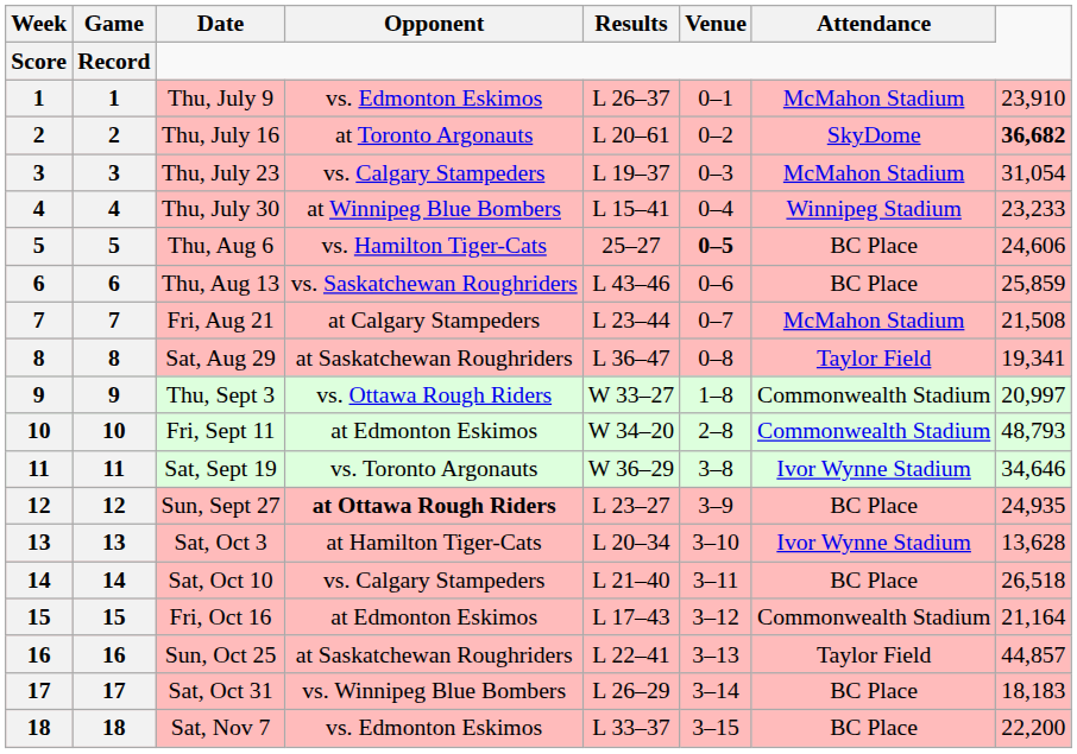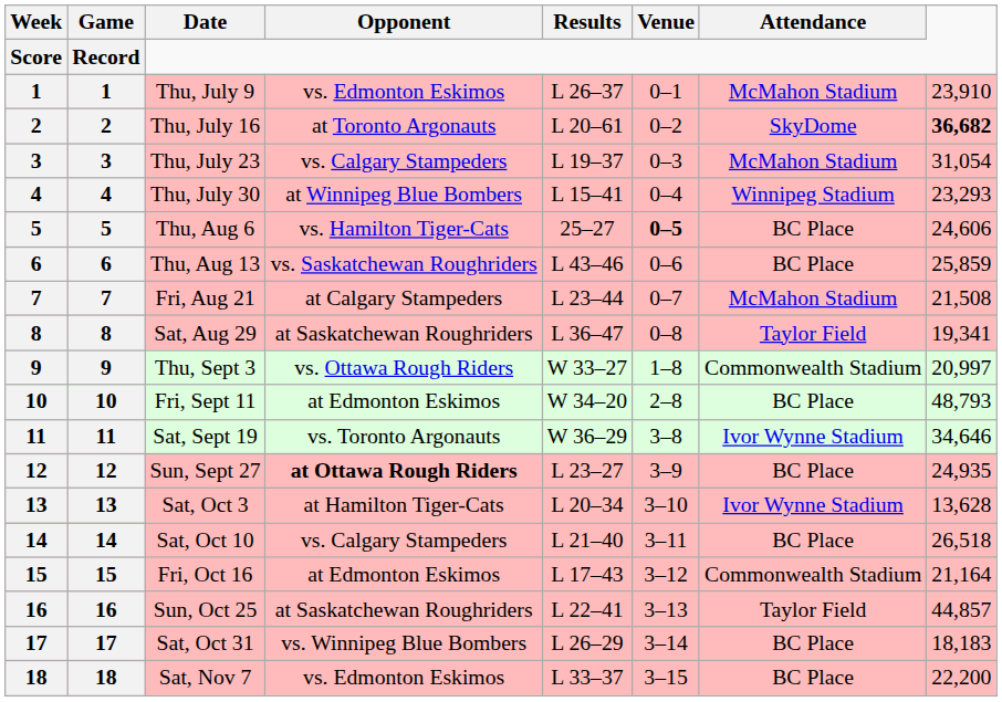 <table class="wikitable" style="text-align:center">
 <tr>
 <th>Week</th>
 <th>Game</th>
 <th>Date</th>
 <th>Opponent</th>
 <th>Results</th>
 <th>Venue</th>
 <th>Attendance</th>
 </tr>
 <tr>
 <th>Score</th>
 <th>Record</th>
 </tr>
 <tr style="background:#ffbbbb">
 <th>1</th>
 <th>1</th>
 <td>Thu, July 9</td>
 <td>vs. <a href='#'>Edmonton Eskimos</a></td>
 <td>L 26–37</td>
 <td>0–1</td>
 <td><a href='#'>McMahon Stadium</a></td>
 <td>23,910</td>
 </tr>
 <tr style="background:#ffbbbb">
 <th>2</th>
 <th>2</th>
 <td>Thu, July 16</td>
 <td>at <a href='#'>Toronto Argonauts</a></td>
 <td>L 20–61</td>
 <td>0–2</td>
 <td><a href='#'>SkyDome</a></td>
 <td><strong>36,682</strong></td>
 </tr>
 <tr style="background:#ffbbbb">
 <th>3</th>
 <th>3</th>
 <td>Thu, July 23</td>
 <td>vs. <a href='#'>Calgary Stampeders</a></td>
 <td>L 19–37</td>
 <td>0–3</td>
 <td><a href='#'>McMahon Stadium</a></td>
 <td>31,054</td>
 </tr>
 <tr style="background:#ffbbbb">
 <th>4</th>
 <th>4</th>
 <td>Thu, July 30</td>
 <td>at <a href='#'>Winnipeg Blue Bombers</a></td>
 <td>L 15–41</td>
 <td>0–4</td>
 <td><a href='#'>Winnipeg Stadium</a></td>
-<td>23,233</td>
+<td>23,293</td>
 </tr>
 <tr style="background:#ffbbbb">
 <th>5</th>
 <th>5</th>
 <td>Thu, Aug 6</td>
 <td>vs. <a href='#'>Hamilton Tiger-Cats</a></td>
 <td>25–27</td>
 <td><strong>0–5</strong></td>
 <td>BC Place</td>
 <td>24,606</td>
 </tr>
 <tr style="background:#ffbbbb">
 <th>6</th>
 <th>6</th>
 <td>Thu, Aug 13</td>
 <td>vs. <a href='#'>Saskatchewan Roughriders</a></td>
 <td>L 43–46 </td>
 <td>0–6</td>
 <td>BC Place</td>
 <td>25,859</td>
 </tr>
 <tr style="background:#ffbbbb">
 <th>7</th>
 <th>7</th>
 <td>Fri, Aug 21</td>
 <td>at Calgary Stampeders</td>
 <td>L 23–44</td>
 <td>0–7</td>
 <td><a href='#'>McMahon Stadium</a></td>
 <td>21,508</td>
 </tr>
 <tr style="background:#ffbbbb">
 <th>8</th>
 <th>8</th>
 <td>Sat, Aug 29</td>
 <td>at Saskatchewan Roughriders</td>
 <td>L 36–47</td>
 <td>0–8</td>
 <td><a href='#'>Taylor Field</a></td>
 <td>19,341</td>
 </tr>
 <tr style="background:#ddffdd">
 <th>9</th>
 <th>9</th>
 <td>Thu, Sept 3</td>
 <td>vs. <a href='#'>Ottawa Rough Riders</a></td>
 <td>W 33–27</td>
 <td>1–8</td>
 <td>Commonwealth Stadium</td>
 <td>20,997</td>
 </tr>
 <tr style="background:#ddffdd">
 <th>10</th>
 <th>10</th>
 <td>Fri, Sept 11</td>
 <td>at Edmonton Eskimos</td>
 <td>W 34–20</td>
 <td>2–8</td>
-<td><a href='#'>Commonwealth Stadium</a></td>
+<td>BC Place</td>
 <td>48,793</td>
 </tr>
 <tr style="background:#ddffdd">
 <th>11</th>
 <th>11</th>
 <td>Sat, Sept 19</td>
 <td>vs. Toronto Argonauts</td>
 <td>W 36–29</td>
 <td>3–8</td>
 <td><a href='#'>Ivor Wynne Stadium</a></td>
 <td>34,646</td>
 </tr>
 <tr style="background:#ffbbbb">
 <th>12</th>
 <th>12</th>
 <td>Sun, Sept 27</td>
 <td><strong>at Ottawa Rough Riders</strong></td>
 <td>L 23–27</td>
 <td>3–9</td>
 <td>BC Place</td>
 <td>24,935</td>
 </tr>
 <tr style="background:#ffbbbb">
 <th>13</th>
 <th>13</th>
 <td>Sat, Oct 3</td>
 <td>at Hamilton Tiger-Cats</td>
 <td>L 20–34</td>
 <td>3–10</td>
 <td><a href='#'>Ivor Wynne Stadium</a></td>
 <td>13,628</td>
 </tr>
 <tr style="background:#ffbbbb">
 <th>14</th>
 <th>14</th>
 <td>Sat, Oct 10</td>
 <td>vs. Calgary Stampeders</td>
 <td>L 21–40</td>
 <td>3–11</td>
 <td>BC Place</td>
 <td>26,518</td>
 </tr>
 <tr style="background:#ffbbbb">
 <th>15</th>
 <th>15</th>
 <td>Fri, Oct 16</td>
 <td>at Edmonton Eskimos</td>
 <td>L 17–43</td>
 <td>3–12</td>
 <td>Commonwealth Stadium</td>
 <td>21,164</td>
 </tr>
 <tr style="background:#ffbbbb">
 <th>16</th>
 <th>16</th>
 <td>Sun, Oct 25</td>
 <td>at Saskatchewan Roughriders</td>
 <td>L 22–41</td>
 <td>3–13</td>
 <td>Taylor Field</td>
 <td>44,857</td>
 </tr>
 <tr style="background:#ffbbbb">
 <th>17</th>
 <th>17</th>
 <td>Sat, Oct 31</td>
 <td>vs. Winnipeg Blue Bombers</td>
 <td>L 26–29</td>
 <td>3–14</td>
 <td>BC Place</td>
 <td>18,183</td>
 </tr>
 <tr style="background:#ffbbbb">
 <th>18</th>
 <th>18</th>
 <td>Sat, Nov 7</td>
 <td>vs. Edmonton Eskimos</td>
 <td>L 33–37</td>
 <td>3–15</td>
 <td>BC Place</td>
 <td>22,200</td>
 </tr>
 </table>
